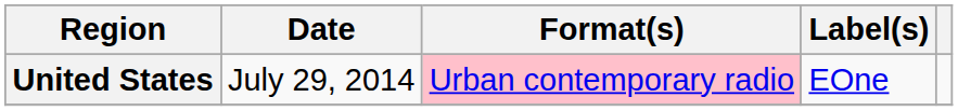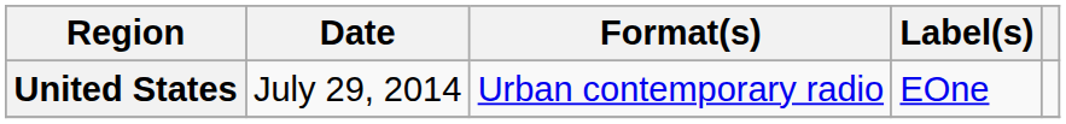 <table class="wikitable plainrowheaders">
 <tr>
 <th scope="col">Region</th>
 <th scope="col">Date</th>
 <th scope="col">Format(s)</th>
 <th scope="col">Label(s)</th>
 <th scope="col"></th>
 </tr>
 <tr>
 <th scope="row">United States</th>
 <td>July 29, 2014</td>
-<td style="background: pink;"><a href='#'>Urban contemporary radio</a></td>
+<td><a href='#'>Urban contemporary radio</a></td>
 <td><a href='#'>EOne</a></td>
 <td align="center"></td>
 </tr>
 <tr>
 </tr>
 </table>
